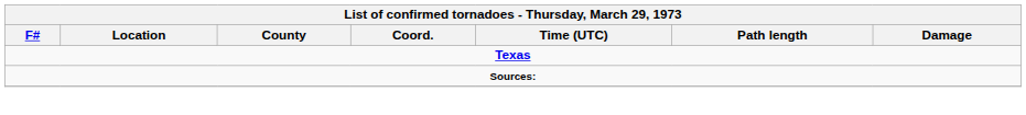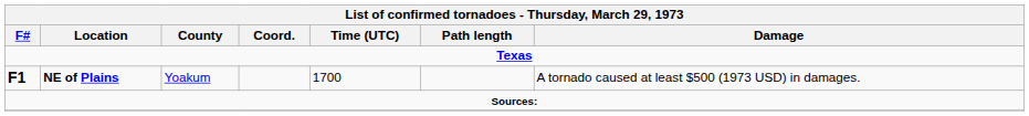 <table class="wikitable collapsible" width="100%">
 <tr>
 <th colspan="7">List of confirmed tornadoes - Thursday, March 29, 1973</th>
 </tr>
 <tr>
 <th><a href='#'>F#</a></th>
 <th>Location</th>
 <th>County</th>
 <th>Coord.</th>
 <th>Time (UTC)</th>
 <th>Path length</th>
 <th>Damage</th>
 </tr>
 <tr>
 <td colspan="7" align=center><strong><a href='#'>Texas</a></strong></td>
 </tr>
 <tr>
+<td><big><strong>F1</strong></big></td>
+<td><strong>NE of <a href='#'>Plains</a></strong></td>
+<td><a href='#'>Yoakum</a></td>
+<td></td>
+<td>1700</td>
+<td></td>
+<td>A tornado caused at least $500 (1973 USD) in damages.</td>
+</tr>
+<tr>
 <td colspan="7" align="center"><small><strong>Sources:</strong> </small></td>
 </tr>
 <tr>
 </tr>
 </table>
